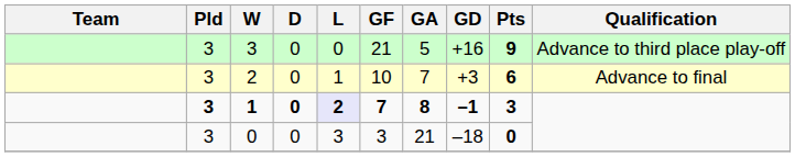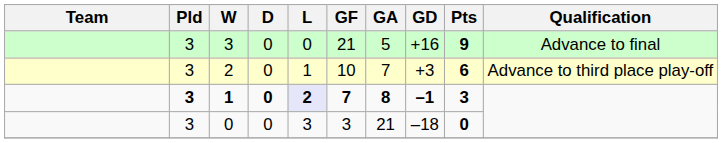 <table class="wikitable" style="text-align: center;">
 <tr>
 <th width=150>Team</th>
 <th width=30>Pld</th>
 <th width=30>W</th>
 <th width=30>D</th>
 <th width=30>L</th>
 <th width=30>GF</th>
 <th width=30>GA</th>
 <th width=30>GD</th>
 <th width=30>Pts</th>
 <th>Qualification</th>
 </tr>
 <tr bgcolor=ccffcc>
 <td align=left></td>
 <td>3</td>
 <td>3</td>
 <td>0</td>
 <td>0</td>
 <td>21</td>
 <td>5</td>
 <td>+16</td>
 <td><strong>9</strong></td>
-<td>Advance to third place play-off</td>
+<td>Advance to final</td>
 </tr>
 <tr bgcolor=ffffcc>
 <td align=left></td>
 <td>3</td>
 <td>2</td>
 <td>0</td>
 <td>1</td>
 <td>10</td>
 <td>7</td>
 <td>+3</td>
 <td><strong>6</strong></td>
-<td>Advance to final</td>
+<td>Advance to third place play-off</td>
 </tr>
 <tr>
 <td align=left><strong></strong></td>
 <td><strong>3</strong></td>
 <td><strong>1</strong></td>
 <td><strong>0</strong></td>
 <td style="background: lavender;"><strong>2</strong></td>
 <td><strong>7</strong></td>
 <td><strong>8</strong></td>
 <td><strong>–1</strong></td>
 <td><strong>3</strong></td>
 <td rowspan=2></td>
 </tr>
 <tr>
 <td align=left></td>
 <td>3</td>
 <td>0</td>
 <td>0</td>
 <td>3</td>
 <td>3</td>
 <td>21</td>
 <td>–18</td>
 <td><strong>0</strong></td>
 </tr>
 <tr>
 </tr>
 </table>
